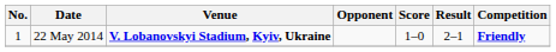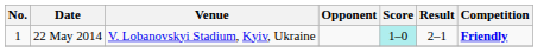 <table class="wikitable sortable">
 <tr>
 <th scope="col">No.</th>
 <th scope="col">Date</th>
 <th scope="col">Venue</th>
 <th scope="col">Opponent</th>
 <th scope="col">Score</th>
 <th scope="col">Result</th>
 <th scope="col">Competition</th>
 </tr>
 <tr>
 <td align="center">1</td>
 <td>22 May 2014</td>
-<td><strong><a href='#'>V. Lobanovskyi Stadium</a>, <a href='#'>Kyiv</a>, Ukraine</strong></td>
+<td><a href='#'>V. Lobanovskyi Stadium</a>, <a href='#'>Kyiv</a>, Ukraine</td>
 <td></td>
-<td align="center">1–0</td>
+<td align="center" style="background: paleturquoise;">1–0</td>
 <td align="center">2–1</td>
 <td><strong><a href='#'>Friendly</a></strong></td>
 </tr>
 <tr>
 </tr>
 </table>
